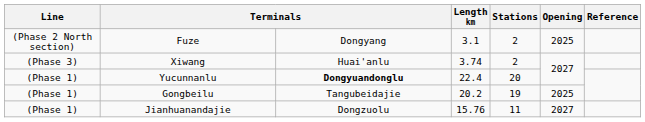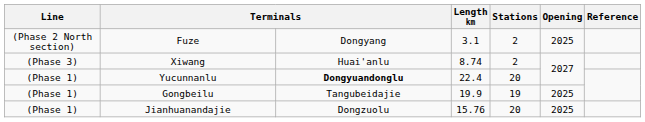 <table class="wikitable sortable" style="cell-padding:1.5; font-size:96%; text-align:center;">
 <tr>
 <th data-sort-type="text"style="width:120px;">Line</th>
 <th class="unsortable" colspan="2" style="width:450px; line-height:1.05">Terminals</th>
 <th style="line-height:1.05">Length<br><small>km</small></th>
 <th style="line-height:1.05">Stations</th>
 <th style="line-height:1.05">Opening</th>
 <th style="line-height:1.05">Reference</th>
 </tr>
 <tr>
 <td style="text-align:center; line-height:1.05"> (Phase 2 North section)</td>
 <td style="text-align:center; width:225px; line-height:1.05">Fuze</td>
 <td style="text-align:center; width:225px; line-height:1.05">Dongyang</td>
 <td style="text-align:center; line-height:1.05">3.1</td>
 <td style="text-align:center; line-height:1.05">2</td>
 <td style="text-align:center; line-height:1.05">2025</td>
 <td style="text-align:center; line-height:1.05"></td>
 </tr>
 <tr>
 <td> (Phase 3)</td>
 <td>Xiwang</td>
 <td>Huai'anlu</td>
-<td>3.74</td>
+<td>8.74</td>
 <td>2</td>
 <td rowspan="2">2027</td>
 <td></td>
 </tr>
 <tr>
 <td> (Phase 1)</td>
 <td>Yucunnanlu</td>
 <td><strong>Dongyuandonglu</strong></td>
 <td>22.4</td>
 <td>20</td>
 <td rowspan="2"></td>
 </tr>
 <tr>
 <td> (Phase 1)</td>
 <td>Gongbeilu</td>
 <td>Tangubeidajie</td>
-<td>20.2</td>
+<td>19.9</td>
 <td>19</td>
 <td>2025</td>
 </tr>
 <tr>
 <td> (Phase 1)</td>
 <td>Jianhuanandajie</td>
 <td>Dongzuolu</td>
 <td>15.76</td>
-<td>11</td>
-<td>2027</td>
+<td>20</td>
+<td>2025</td>
 <td></td>
 </tr>
 </table>
